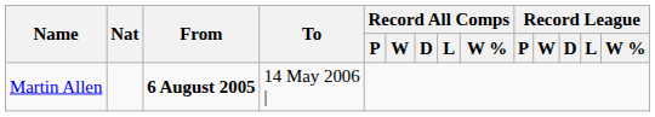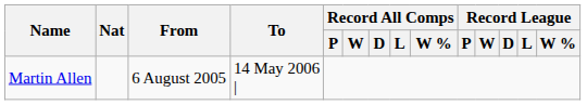 <table class="wikitable" style="text-align: center">
 <tr>
 <th rowspan="2">Name</th>
 <th rowspan="2">Nat</th>
 <th rowspan="2">From</th>
 <th rowspan="2">To</th>
 <th colspan="5">Record All Comps</th>
 <th colspan="5">Record League</th>
 </tr>
 <tr>
 <th>P</th>
 <th>W</th>
 <th>D</th>
 <th>L</th>
 <th>W %</th>
 <th>P</th>
 <th>W</th>
 <th>D</th>
 <th>L</th>
 <th>W %</th>
 </tr>
 <tr>
 <td align=left><a href='#'>Martin Allen</a></td>
 <td></td>
-<td align=left><strong>6 August 2005</strong></td>
+<td align=left>6 August 2005</td>
 <td align=left>14 May 2006<br>|</td>
 </tr>
 </table>
